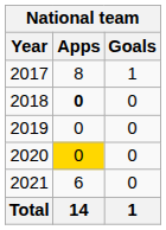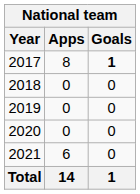 <table class="wikitable" style="text-align:center">
 <tr>
 <th colspan=3>National team</th>
 </tr>
 <tr>
 <th>Year</th>
 <th>Apps</th>
 <th>Goals</th>
 </tr>
 <tr>
 <td>2017</td>
 <td>8</td>
-<td>1</td>
+<td><strong>1</strong></td>
 </tr>
 <tr>
 <td>2018</td>
-<td><strong>0</strong></td>
+<td>0</td>
 <td>0</td>
 </tr>
 <tr>
 <td>2019</td>
 <td>0</td>
 <td>0</td>
 </tr>
 <tr>
 <td>2020</td>
-<td style="background: gold;">0</td>
+<td>0</td>
 <td>0</td>
 </tr>
 <tr>
 <td>2021</td>
 <td>6</td>
 <td>0</td>
 </tr>
 <tr>
 <th>Total</th>
 <th>14</th>
 <th>1</th>
 </tr>
 </table>
